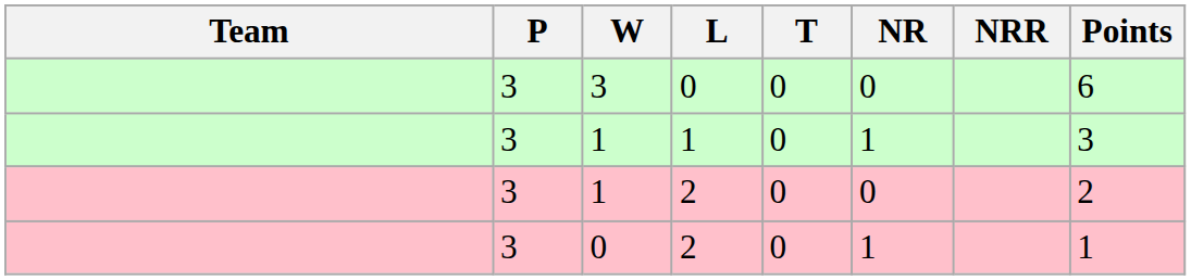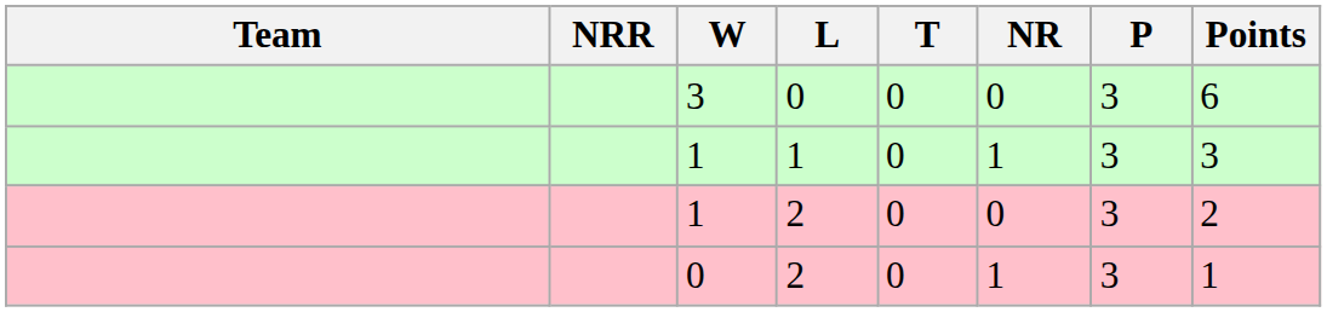 <table class="wikitable">
 <tr>
 <th width=38%>Team</th>
-<th width=7%>P</th>
+<th width=9%>NRR</th>
 <th width=7%>W</th>
 <th width=7%>L</th>
 <th width=7%>T</th>
 <th width=8%>NR</th>
-<th width=9%>NRR</th>
+<th width=7%>P</th>
 <th width=9%>Points</th>
 </tr>
 <tr bgcolor=ccffcc>
 <td align=left></td>
-<td>3</td>
+<td></td>
 <td>3</td>
 <td>0</td>
 <td>0</td>
 <td>0</td>
-<td></td>
+<td>3</td>
 <td>6</td>
 </tr>
 <tr bgcolor=ccffcc>
 <td align=left></td>
-<td>3</td>
+<td></td>
 <td>1</td>
 <td>1</td>
 <td>0</td>
 <td>1</td>
-<td></td>
+<td>3</td>
 <td>3</td>
 </tr>
 <tr bgcolor=pink>
 <td align=left></td>
-<td>3</td>
+<td></td>
 <td>1</td>
 <td>2</td>
 <td>0</td>
 <td>0</td>
-<td></td>
+<td>3</td>
 <td>2</td>
 </tr>
 <tr bgcolor=pink>
 <td align=left></td>
-<td>3</td>
+<td></td>
 <td>0</td>
 <td>2</td>
 <td>0</td>
 <td>1</td>
-<td></td>
+<td>3</td>
 <td>1</td>
 </tr>
 </table>
